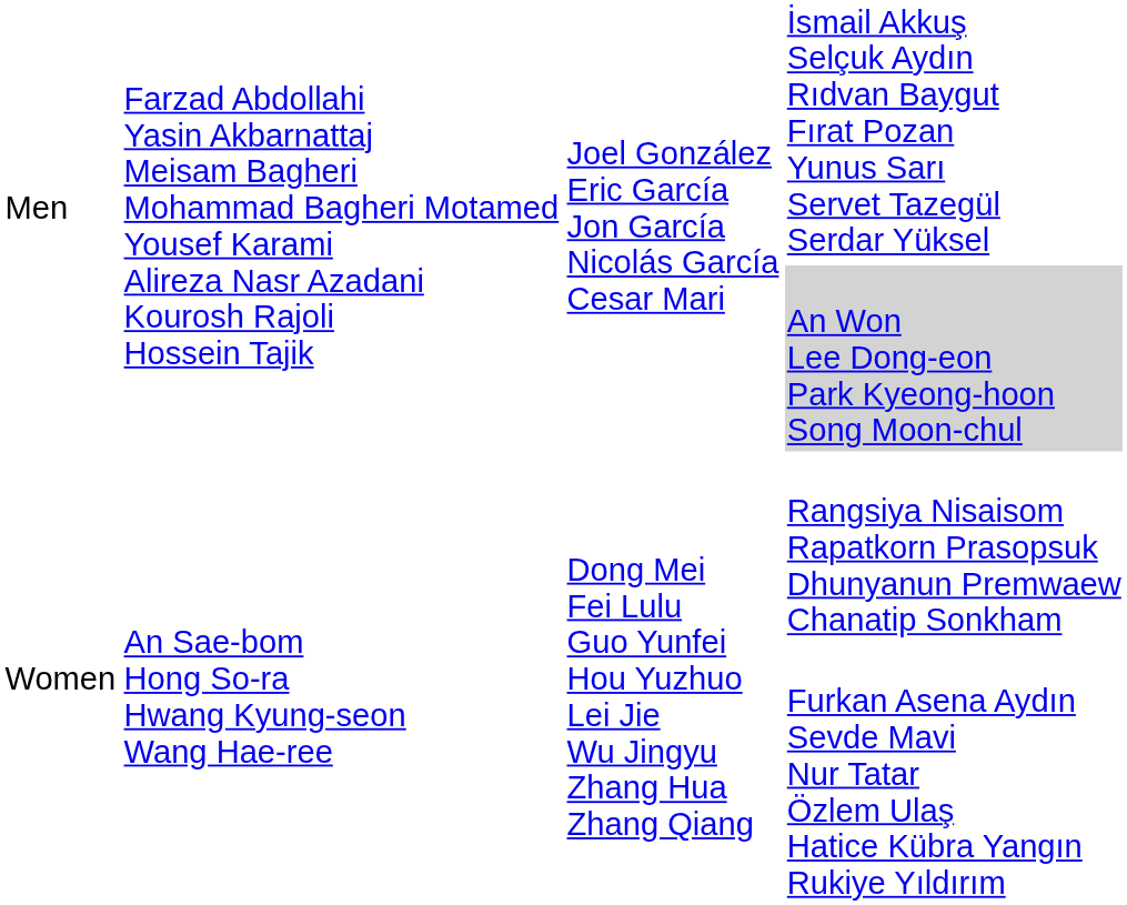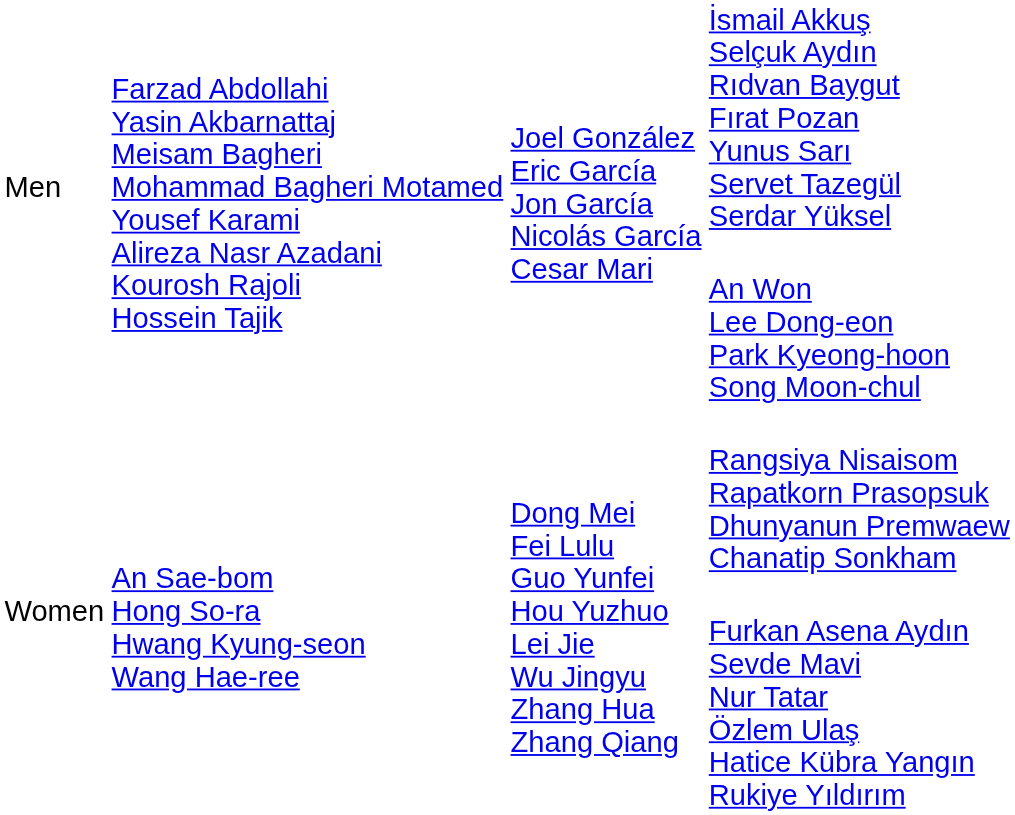 <table>
 <tr>
 <td rowspan=2>Men</td>
 <td rowspan=2><br><a href='#'>Farzad Abdollahi</a><br><a href='#'>Yasin Akbarnattaj</a><br><a href='#'>Meisam Bagheri</a><br><a href='#'>Mohammad Bagheri Motamed</a><br><a href='#'>Yousef Karami</a><br><a href='#'>Alireza Nasr Azadani</a><br><a href='#'>Kourosh Rajoli</a><br><a href='#'>Hossein Tajik</a></td>
 <td rowspan=2><br><a href='#'>Joel González</a><br><a href='#'>Eric García</a><br><a href='#'>Jon García</a><br><a href='#'>Nicolás García</a><br><a href='#'>Cesar Mari</a></td>
 <td><br><a href='#'>İsmail Akkuş</a><br><a href='#'>Selçuk Aydın</a><br><a href='#'>Rıdvan Baygut</a><br><a href='#'>Fırat Pozan</a><br><a href='#'>Yunus Sarı</a><br><a href='#'>Servet Tazegül</a><br><a href='#'>Serdar Yüksel</a></td>
 </tr>
 <tr>
-<td style="background: lightgrey;"><br><a href='#'>An Won</a><br><a href='#'>Lee Dong-eon</a><br><a href='#'>Park Kyeong-hoon</a><br><a href='#'>Song Moon-chul</a></td>
+<td><br><a href='#'>An Won</a><br><a href='#'>Lee Dong-eon</a><br><a href='#'>Park Kyeong-hoon</a><br><a href='#'>Song Moon-chul</a></td>
 </tr>
 <tr>
 <td rowspan=2>Women</td>
 <td rowspan=2><br><a href='#'>An Sae-bom</a><br><a href='#'>Hong So-ra</a><br><a href='#'>Hwang Kyung-seon</a><br><a href='#'>Wang Hae-ree</a></td>
 <td rowspan=2><br><a href='#'>Dong Mei</a><br><a href='#'>Fei Lulu</a><br><a href='#'>Guo Yunfei</a><br><a href='#'>Hou Yuzhuo</a><br><a href='#'>Lei Jie</a><br><a href='#'>Wu Jingyu</a><br><a href='#'>Zhang Hua</a><br><a href='#'>Zhang Qiang</a></td>
 <td><br><a href='#'>Rangsiya Nisaisom</a><br><a href='#'>Rapatkorn Prasopsuk</a><br><a href='#'>Dhunyanun Premwaew</a><br><a href='#'>Chanatip Sonkham</a></td>
 </tr>
 <tr>
 <td><br><a href='#'>Furkan Asena Aydın</a><br><a href='#'>Sevde Mavi</a><br><a href='#'>Nur Tatar</a><br><a href='#'>Özlem Ulaş</a><br><a href='#'>Hatice Kübra Yangın</a><br><a href='#'>Rukiye Yıldırım</a></td>
 </tr>
 </table>
